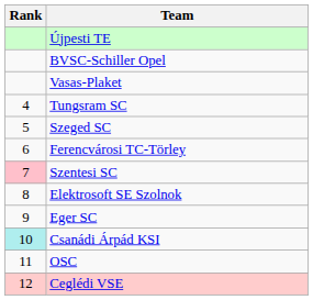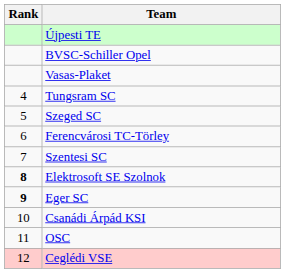 <table class="wikitable">
 <tr>
 <th width=40>Rank</th>
 <th width=290>Team</th>
 </tr>
 <tr bgcolor=#ccffcc>
 <td align="center"></td>
 <td align="left"> <a href='#'>Újpesti TE</a></td>
 </tr>
 <tr>
 <td align="center"></td>
 <td align="left"> <a href='#'>BVSC-Schiller Opel</a></td>
 </tr>
 <tr>
 <td align="center"></td>
 <td align="left"> <a href='#'>Vasas-Plaket</a></td>
 </tr>
 <tr>
 <td align="center">4</td>
 <td align="left"> <a href='#'>Tungsram SC</a></td>
 </tr>
 <tr>
 <td align="center">5</td>
 <td align="left"> <a href='#'>Szeged SC</a></td>
 </tr>
 <tr>
 <td align="center">6</td>
 <td align="left"> <a href='#'>Ferencvárosi TC-Törley</a></td>
 </tr>
 <tr>
-<td align="center" style="background: pink;">7</td>
+<td align="center">7</td>
 <td align="left"> <a href='#'>Szentesi SC</a></td>
 </tr>
 <tr>
-<td align="center">8</td>
+<td align="center"><strong>8</strong></td>
 <td align="left"> <a href='#'>Elektrosoft SE Szolnok</a></td>
 </tr>
 <tr>
-<td align="center">9</td>
+<td align="center"><strong>9</strong></td>
 <td align="left"> <a href='#'>Eger SC</a></td>
 </tr>
 <tr>
-<td align="center" style="background: paleturquoise;">10</td>
+<td align="center">10</td>
 <td align="left"> <a href='#'>Csanádi Árpád KSI</a></td>
 </tr>
 <tr>
 <td align="center">11</td>
 <td align="left"> <a href='#'>OSC</a></td>
 </tr>
 <tr bgcolor=#ffcccc>
 <td align="center">12</td>
 <td align="left"> <a href='#'>Ceglédi VSE</a></td>
 </tr>
 </table>
